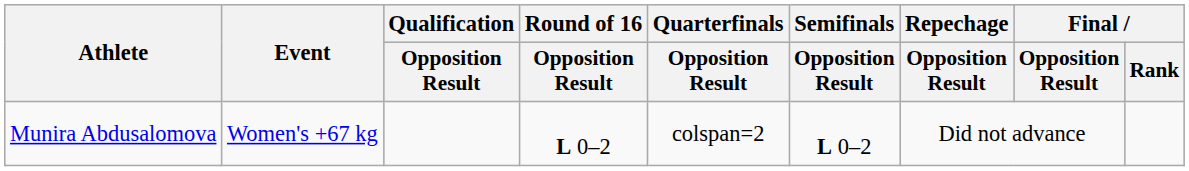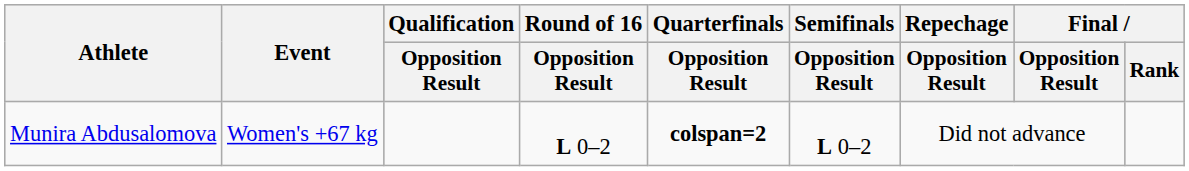 <table class=wikitable style=font-size:90%;text-align:center>
 <tr>
 <th rowspan=2>Athlete</th>
 <th rowspan=2>Event</th>
 <th>Qualification</th>
 <th>Round of 16</th>
 <th>Quarterfinals</th>
 <th>Semifinals</th>
 <th>Repechage</th>
 <th colspan=2>Final / </th>
 </tr>
 <tr style=font-size:95%>
 <th>Opposition<br>Result</th>
 <th>Opposition<br>Result</th>
 <th>Opposition<br>Result</th>
 <th>Opposition<br>Result</th>
 <th>Opposition<br>Result</th>
 <th>Opposition<br>Result</th>
 <th>Rank</th>
 </tr>
 <tr>
 <td align=left><a href='#'>Munira Abdusalomova</a></td>
 <td align=left><a href='#'>Women's +67 kg</a></td>
 <td></td>
 <td><br><strong>L</strong> 0–2</td>
-<td>colspan=2 </td>
+<td><strong>colspan=2 </strong></td>
 <td><br><strong>L</strong> 0–2</td>
 <td colspan=2>Did not advance</td>
 </tr>
 </table>
